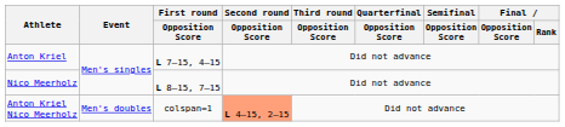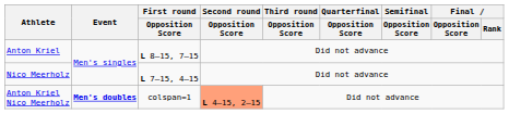 <table class=wikitable style="font-size:90%">
 <tr>
 <th rowspan="2">Athlete</th>
 <th rowspan="2">Event</th>
 <th>First round</th>
 <th>Second round</th>
 <th>Third round</th>
 <th>Quarterfinal</th>
 <th>Semifinal</th>
 <th colspan=2>Final / </th>
 </tr>
 <tr style="font-size:95%">
 <th>Opposition<br>Score</th>
 <th>Opposition<br>Score</th>
 <th>Opposition<br>Score</th>
 <th>Opposition<br>Score</th>
 <th>Opposition<br>Score</th>
 <th>Opposition<br>Score</th>
 <th>Rank</th>
 </tr>
 <tr align=center>
 <td align=left><a href='#'>Anton Kriel</a></td>
 <td align=left rowspan=2><a href='#'>Men's singles</a></td>
+<td><br><strong>L</strong> 8–15, 7–15</td>
+<td colspan=6>Did not advance</td>
+</tr>
+<tr align=center>
+<td align=left><a href='#'>Nico Meerholz</a></td>
 <td><br><strong>L</strong>  7–15, 4–15</td>
 <td colspan=6>Did not advance</td>
 </tr>
 <tr align=center>
-<td align=left><a href='#'>Nico Meerholz</a></td>
-<td><br><strong>L</strong> 8–15, 7–15</td>
-<td colspan=6>Did not advance</td>
-</tr>
-<tr align=center>
 <td align=left><a href='#'>Anton Kriel</a><br><a href='#'>Nico Meerholz</a></td>
-<td align=left><a href='#'>Men's doubles</a></td>
+<td align=left><strong><a href='#'>Men's doubles</a></strong></td>
 <td>colspan=1 </td>
 <td style="background: lightsalmon;"><br><strong>L</strong> 4–15, 2–15</td>
 <td colspan=5>Did not advance</td>
 </tr>
 </table>
